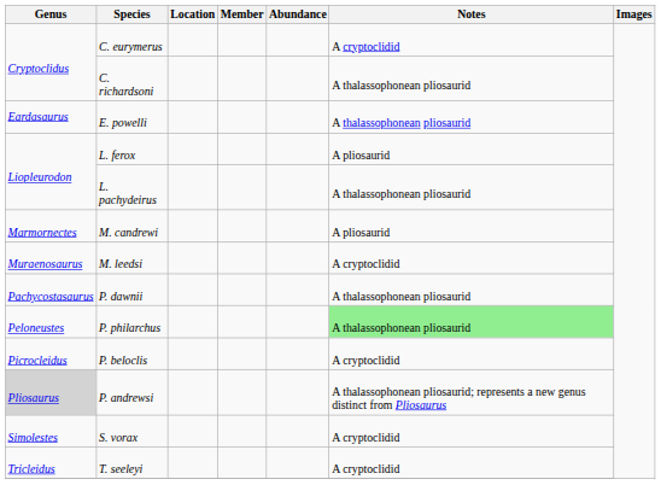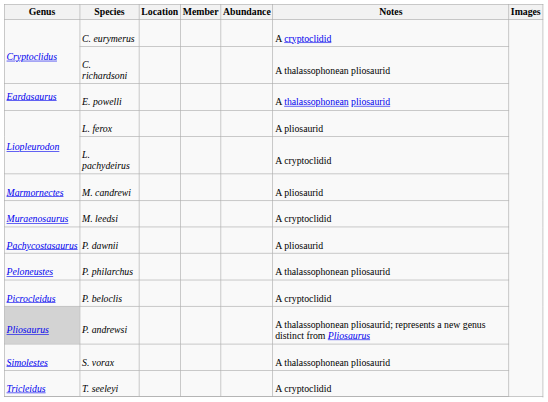 <table class="wikitable" align="center" width="100%">
 <tr>
 <th>Genus</th>
 <th>Species</th>
 <th>Location</th>
 <th>Member</th>
 <th>Abundance</th>
 <th>Notes</th>
 <th>Images</th>
 </tr>
 <tr>
 <td rowspan=2><br><em><a href='#'>Cryptoclidus</a></em></td>
 <td><br><em>C. eurymerus</em></td>
 <td></td>
 <td></td>
 <td></td>
 <td><br>A <a href='#'>cryptoclidid</a></td>
 <td rowspan="99"><br>      </td>
 </tr>
 <tr>
 <td><br><em>C. richardsoni</em></td>
 <td></td>
 <td></td>
 <td></td>
 <td><br>A thalassophonean pliosaurid</td>
 </tr>
 <tr>
 <td><em><a href='#'>Eardasaurus</a></em></td>
 <td><br><em>E. powelli</em></td>
 <td></td>
 <td></td>
 <td></td>
 <td><br>A <a href='#'>thalassophonean</a> <a href='#'>pliosaurid</a></td>
 </tr>
 <tr>
 <td rowspan="2"><br><em><a href='#'>Liopleurodon</a></em></td>
 <td><br><em>L. ferox</em></td>
 <td></td>
 <td></td>
 <td></td>
 <td><br>A pliosaurid</td>
 </tr>
 <tr>
 <td><br><em>L. pachydeirus</em></td>
 <td></td>
 <td></td>
 <td></td>
-<td><br>A thalassophonean pliosaurid</td>
+<td><br>A cryptoclidid</td>
 </tr>
 <tr>
 <td><br><em><a href='#'>Marmornectes</a></em></td>
 <td><br><em>M. candrewi</em></td>
 <td></td>
 <td></td>
 <td></td>
 <td><br>A pliosaurid</td>
 </tr>
 <tr>
 <td><br><em><a href='#'>Muraenosaurus</a></em></td>
 <td><br><em>M. leedsi</em></td>
 <td></td>
 <td></td>
 <td></td>
 <td><br>A cryptoclidid</td>
 </tr>
 <tr>
 <td><br><em><a href='#'>Pachycostasaurus</a></em></td>
 <td><br><em>P. dawnii</em></td>
 <td></td>
 <td></td>
 <td></td>
-<td><br>A thalassophonean pliosaurid</td>
+<td><br>A pliosaurid</td>
 </tr>
 <tr>
 <td><br><em><a href='#'>Peloneustes</a></em></td>
 <td><br><em>P. philarchus</em></td>
 <td></td>
 <td></td>
 <td></td>
-<td style="background: lightgreen;"><br>A thalassophonean pliosaurid</td>
+<td><br>A thalassophonean pliosaurid</td>
 </tr>
 <tr>
 <td><br><em><a href='#'>Picrocleidus</a></em></td>
 <td><br><em>P. beloclis</em></td>
 <td></td>
 <td></td>
 <td></td>
 <td><br>A cryptoclidid</td>
 </tr>
 <tr>
 <td style="background: lightgrey;"><br><em><a href='#'>Pliosaurus</a></em></td>
 <td><br><em>P. andrewsi</em></td>
 <td></td>
 <td></td>
 <td></td>
 <td><br>A thalassophonean pliosaurid; represents a new genus distinct from <em><a href='#'>Pliosaurus</a></em></td>
 </tr>
 <tr>
 <td><br><em><a href='#'>Simolestes</a></em></td>
 <td><br><em>S. vorax</em></td>
 <td></td>
 <td></td>
 <td></td>
-<td><br>A cryptoclidid</td>
+<td><br>A thalassophonean pliosaurid</td>
 </tr>
 <tr>
 <td><br><em><a href='#'>Tricleidus</a></em></td>
 <td><br><em>T. seeleyi</em></td>
 <td></td>
 <td></td>
 <td></td>
 <td><br>A cryptoclidid</td>
 </tr>
 <tr>
 </tr>
 </table>
